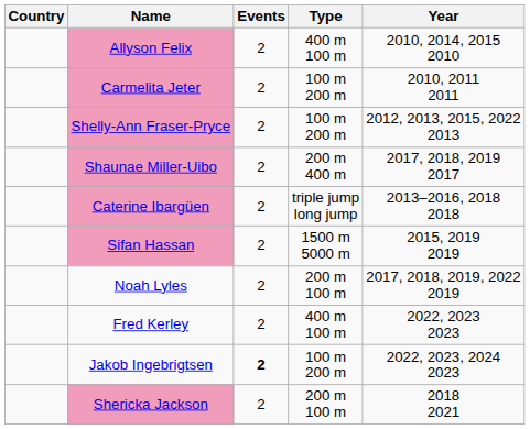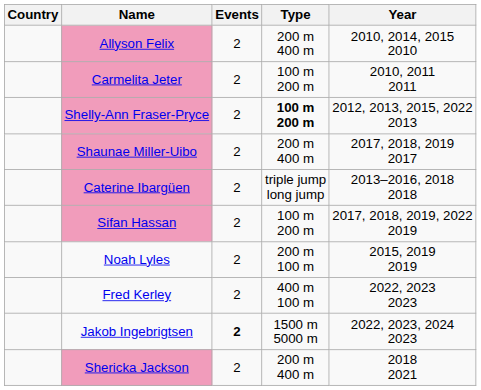 <table class=wikitable style="text-align: center">
 <tr>
 <th>Country</th>
 <th>Name</th>
 <th>Events</th>
 <th>Type</th>
 <th>Year</th>
 </tr>
 <tr>
 <td align=left></td>
 <td style="background:#F19CBB;"><a href='#'>Allyson Felix</a></td>
 <td>2</td>
-<td>400 m<br>100 m</td>
+<td>200 m<br>400 m</td>
 <td>2010, 2014, 2015<br>2010</td>
 </tr>
 <tr>
 <td align=left></td>
 <td style="background:#F19CBB;"><a href='#'>Carmelita Jeter</a></td>
 <td>2</td>
 <td>100 m<br>200 m</td>
 <td>2010, 2011<br>2011</td>
 </tr>
 <tr>
 <td align=left></td>
 <td style="background:#F19CBB;"><a href='#'>Shelly-Ann Fraser-Pryce</a></td>
 <td>2</td>
-<td>100 m<br>200 m</td>
+<td><strong>100 m<br>200 m</strong></td>
 <td>2012, 2013, 2015, 2022<br>2013</td>
 </tr>
 <tr>
 <td align=left></td>
 <td style="background:#F19CBB;"><a href='#'>Shaunae Miller-Uibo</a></td>
 <td>2</td>
 <td>200 m<br>400 m</td>
 <td>2017, 2018, 2019<br>2017</td>
 </tr>
 <tr>
 <td align=left></td>
 <td style="background:#F19CBB;"><a href='#'>Caterine Ibargüen</a></td>
 <td>2</td>
 <td>triple jump<br>long jump</td>
 <td>2013–2016, 2018<br>2018</td>
 </tr>
 <tr>
 <td align=left></td>
 <td style="background:#F19CBB;"><a href='#'>Sifan Hassan</a></td>
 <td>2</td>
-<td>1500 m<br>5000 m</td>
-<td>2015, 2019<br>2019</td>
+<td>100 m<br>200 m</td>
+<td>2017, 2018, 2019, 2022<br>2019</td>
 </tr>
 <tr>
 <td align=left></td>
 <td><a href='#'>Noah Lyles</a></td>
 <td>2</td>
 <td>200 m<br>100 m</td>
-<td>2017, 2018, 2019, 2022<br>2019</td>
+<td>2015, 2019<br>2019</td>
 </tr>
 <tr>
 <td align=left></td>
 <td><a href='#'>Fred Kerley</a></td>
 <td>2</td>
 <td>400 m<br>100 m</td>
 <td>2022, 2023<br>2023</td>
 </tr>
 <tr>
 <td align=left></td>
 <td><a href='#'>Jakob Ingebrigtsen</a></td>
 <td><strong>2</strong></td>
-<td>100 m<br>200 m</td>
+<td>1500 m<br>5000 m</td>
 <td>2022, 2023, 2024<br>2023</td>
 </tr>
 <tr>
 <td align=left></td>
 <td style="background:#F19CBB;"><a href='#'>Shericka Jackson</a></td>
 <td>2</td>
-<td>200 m<br>100 m</td>
+<td>200 m<br>400 m</td>
 <td>2018<br>2021</td>
 </tr>
 </table>
